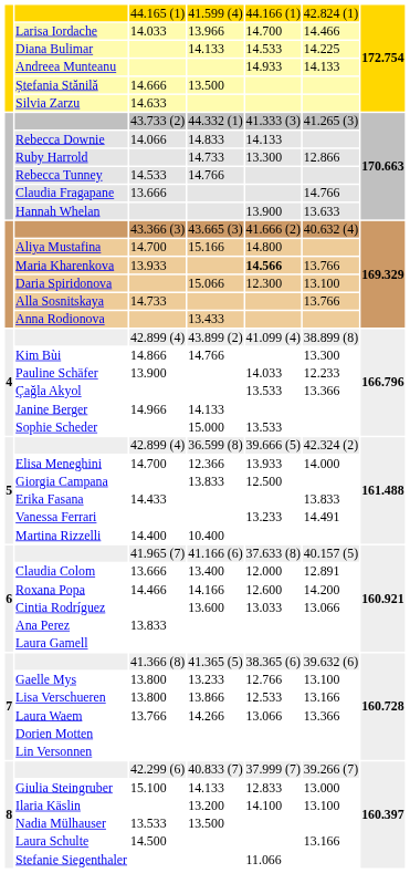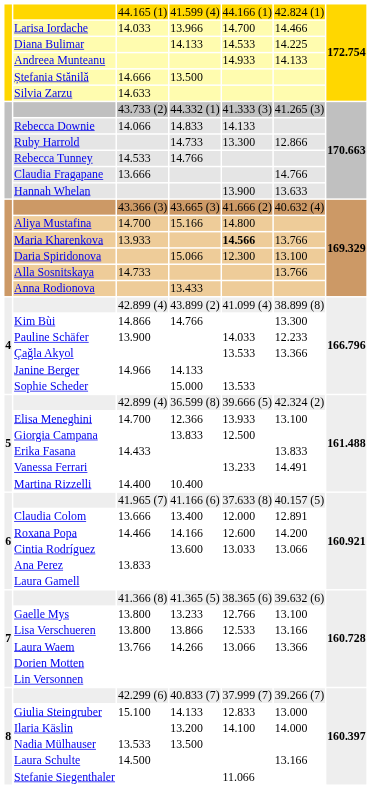 <table>
 <tr bgcolor=gold>
 <td rowspan=6></td>
 <td align="left"><strong></strong></td>
 <td>44.165 (1)</td>
 <td>41.599 (4)</td>
 <td>44.166 (1)</td>
 <td>42.824 (1)</td>
 <td rowspan=6><strong>172.754</strong></td>
 </tr>
 <tr bgcolor=fffcaf>
 <td align="left"><a href='#'>Larisa Iordache</a></td>
 <td>14.033</td>
 <td>13.966</td>
 <td>14.700</td>
 <td>14.466</td>
 </tr>
 <tr bgcolor=fffcaf>
 <td align="left"><a href='#'>Diana Bulimar</a></td>
 <td></td>
 <td>14.133</td>
 <td>14.533</td>
 <td>14.225</td>
 </tr>
 <tr bgcolor=fffcaf>
 <td align="left"><a href='#'>Andreea Munteanu</a></td>
 <td></td>
 <td></td>
 <td>14.933</td>
 <td>14.133</td>
 </tr>
 <tr bgcolor=fffcaf>
 <td align="left"><a href='#'>Ștefania Stănilă</a></td>
 <td>14.666</td>
 <td>13.500</td>
 <td></td>
 <td></td>
 </tr>
 <tr bgcolor=fffcaf>
 <td align="left"><a href='#'>Silvia Zarzu</a></td>
 <td>14.633</td>
 <td></td>
 <td></td>
 <td></td>
 </tr>
 <tr bgcolor=silver>
 <td rowspan=6></td>
 <td align="left"><strong></strong></td>
 <td>43.733 (2)</td>
 <td>44.332 (1)</td>
 <td>41.333 (3)</td>
 <td>41.265 (3)</td>
 <td rowspan=6><strong>170.663</strong></td>
 </tr>
 <tr bgcolor=e5e5e5>
 <td align="left"><a href='#'>Rebecca Downie</a></td>
 <td>14.066</td>
 <td>14.833</td>
 <td>14.133</td>
 <td></td>
 </tr>
 <tr bgcolor=e5e5e5>
 <td align="left"><a href='#'>Ruby Harrold</a></td>
 <td></td>
 <td>14.733</td>
 <td>13.300</td>
 <td>12.866</td>
 </tr>
 <tr bgcolor=e5e5e5>
 <td align="left"><a href='#'>Rebecca Tunney</a></td>
 <td>14.533</td>
 <td>14.766</td>
 <td></td>
 <td></td>
 </tr>
 <tr bgcolor=e5e5e5>
 <td align="left"><a href='#'>Claudia Fragapane</a></td>
 <td>13.666</td>
 <td></td>
 <td></td>
 <td>14.766</td>
 </tr>
 <tr bgcolor=e5e5e5>
 <td align="left"><a href='#'>Hannah Whelan</a></td>
 <td></td>
 <td></td>
 <td>13.900</td>
 <td>13.633</td>
 </tr>
 <tr bgcolor=cc9966>
 <td rowspan=6></td>
 <td align="left"><strong></strong></td>
 <td>43.366 (3)</td>
 <td>43.665 (3)</td>
 <td>41.666 (2)</td>
 <td>40.632 (4)</td>
 <td rowspan=6><strong>169.329</strong></td>
 </tr>
 <tr bgcolor=eecc99>
 <td align="left"><a href='#'>Aliya Mustafina</a></td>
 <td>14.700</td>
 <td>15.166</td>
 <td>14.800</td>
 <td></td>
 </tr>
 <tr bgcolor=eecc99>
 <td align="left"><a href='#'>Maria Kharenkova</a></td>
 <td>13.933</td>
 <td></td>
 <td><strong>14.566</strong></td>
 <td>13.766</td>
 </tr>
 <tr bgcolor=eecc99>
 <td align="left"><a href='#'>Daria Spiridonova</a></td>
 <td></td>
 <td>15.066</td>
 <td>12.300</td>
 <td>13.100</td>
 </tr>
 <tr bgcolor=eecc99>
 <td align="left"><a href='#'>Alla Sosnitskaya</a></td>
 <td>14.733</td>
 <td></td>
 <td></td>
 <td>13.766</td>
 </tr>
 <tr bgcolor=eecc99>
 <td align="left"><a href='#'>Anna Rodionova</a></td>
 <td></td>
 <td>13.433</td>
 <td></td>
 <td></td>
 </tr>
 <tr bgcolor=eeeeee>
 <td rowspan=6><strong>4</strong></td>
 <td align="left"><strong></strong></td>
 <td>42.899 (4)</td>
 <td>43.899 (2)</td>
 <td>41.099 (4)</td>
 <td>38.899 (8)</td>
 <td rowspan=6><strong>166.796</strong></td>
 </tr>
 <tr>
 <td align="left"><a href='#'>Kim Bùi</a></td>
 <td>14.866</td>
 <td>14.766</td>
 <td></td>
 <td>13.300</td>
 </tr>
 <tr>
 <td align="left"><a href='#'>Pauline Schäfer</a></td>
 <td>13.900</td>
 <td></td>
 <td>14.033</td>
 <td>12.233</td>
 </tr>
 <tr>
 <td align="left"><a href='#'>Çağla Akyol</a></td>
 <td></td>
 <td></td>
 <td>13.533</td>
 <td>13.366</td>
 </tr>
 <tr>
 <td align="left"><a href='#'>Janine Berger</a></td>
 <td>14.966</td>
 <td>14.133</td>
 <td></td>
 <td></td>
 </tr>
 <tr>
 <td align="left"><a href='#'>Sophie Scheder</a></td>
 <td></td>
 <td>15.000</td>
 <td>13.533</td>
 <td></td>
 </tr>
 <tr bgcolor=eeeeee>
 <td rowspan=6><strong>5</strong></td>
 <td align="left"><strong></strong></td>
 <td>42.899 (4)</td>
 <td>36.599 (8)</td>
 <td>39.666 (5)</td>
 <td>42.324 (2)</td>
 <td rowspan=6><strong>161.488</strong></td>
 </tr>
 <tr>
 <td align="left"><a href='#'>Elisa Meneghini</a></td>
 <td>14.700</td>
 <td>12.366</td>
 <td>13.933</td>
-<td>14.000</td>
+<td>13.100</td>
 </tr>
 <tr>
 <td align="left"><a href='#'>Giorgia Campana</a></td>
 <td></td>
 <td>13.833</td>
 <td>12.500</td>
 <td></td>
 </tr>
 <tr>
 <td align="left"><a href='#'>Erika Fasana</a></td>
 <td>14.433</td>
 <td></td>
 <td></td>
 <td>13.833</td>
 </tr>
 <tr>
 <td align="left"><a href='#'>Vanessa Ferrari</a></td>
 <td></td>
 <td></td>
 <td>13.233</td>
 <td>14.491</td>
 </tr>
 <tr>
 <td align="left"><a href='#'>Martina Rizzelli</a></td>
 <td>14.400</td>
 <td>10.400</td>
 <td></td>
 <td></td>
 </tr>
 <tr bgcolor=eeeeee>
 <td rowspan=6><strong>6</strong></td>
 <td align="left"><strong></strong></td>
 <td>41.965 (7)</td>
 <td>41.166 (6)</td>
 <td>37.633 (8)</td>
 <td>40.157 (5)</td>
 <td rowspan=6><strong>160.921</strong></td>
 </tr>
 <tr>
 <td align="left"><a href='#'>Claudia Colom</a></td>
 <td>13.666</td>
 <td>13.400</td>
 <td>12.000</td>
 <td>12.891</td>
 </tr>
 <tr>
 <td align="left"><a href='#'>Roxana Popa</a></td>
 <td>14.466</td>
 <td>14.166</td>
 <td>12.600</td>
 <td>14.200</td>
 </tr>
 <tr>
 <td align="left"><a href='#'>Cintia Rodríguez</a></td>
 <td></td>
 <td>13.600</td>
 <td>13.033</td>
 <td>13.066</td>
 </tr>
 <tr>
 <td align="left"><a href='#'>Ana Perez</a></td>
 <td>13.833</td>
 <td></td>
 <td></td>
 <td></td>
 </tr>
 <tr>
 <td align="left"><a href='#'>Laura Gamell</a></td>
 <td></td>
 <td></td>
 <td></td>
 <td></td>
 </tr>
 <tr bgcolor=eeeeee>
 <td rowspan=6><strong>7</strong></td>
 <td align="left"><strong></strong></td>
 <td>41.366 (8)</td>
 <td>41.365 (5)</td>
 <td>38.365 (6)</td>
 <td>39.632 (6)</td>
 <td rowspan=6><strong>160.728</strong></td>
 </tr>
 <tr>
 <td align="left"><a href='#'>Gaelle Mys</a></td>
 <td>13.800</td>
 <td>13.233</td>
 <td>12.766</td>
 <td>13.100</td>
 </tr>
 <tr>
 <td align="left"><a href='#'>Lisa Verschueren</a></td>
 <td>13.800</td>
 <td>13.866</td>
 <td>12.533</td>
 <td>13.166</td>
 </tr>
 <tr>
 <td align="left"><a href='#'>Laura Waem</a></td>
 <td>13.766</td>
 <td>14.266</td>
 <td>13.066</td>
 <td>13.366</td>
 </tr>
 <tr>
 <td align="left"><a href='#'>Dorien Motten</a></td>
 <td></td>
 <td></td>
 <td></td>
 <td></td>
 </tr>
 <tr>
 <td align="left"><a href='#'>Lin Versonnen</a></td>
 <td></td>
 <td></td>
 <td></td>
 <td></td>
 </tr>
 <tr bgcolor=eeeeee>
 <td rowspan=6><strong>8</strong></td>
 <td align="left"><strong></strong></td>
 <td>42.299 (6)</td>
 <td>40.833 (7)</td>
 <td>37.999 (7)</td>
 <td>39.266 (7)</td>
 <td rowspan=6><strong>160.397</strong></td>
 </tr>
 <tr>
 <td align="left"><a href='#'>Giulia Steingruber</a></td>
 <td>15.100</td>
 <td>14.133</td>
 <td>12.833</td>
 <td>13.000</td>
 </tr>
 <tr>
 <td align="left"><a href='#'>Ilaria Käslin</a></td>
 <td></td>
 <td>13.200</td>
 <td>14.100</td>
-<td>13.100</td>
+<td>14.000</td>
 </tr>
 <tr>
 <td align="left"><a href='#'>Nadia Mülhauser</a></td>
 <td>13.533</td>
 <td>13.500</td>
 <td></td>
 <td></td>
 </tr>
 <tr>
 <td align="left"><a href='#'>Laura Schulte</a></td>
 <td>14.500</td>
 <td></td>
 <td></td>
 <td>13.166</td>
 </tr>
 <tr>
 <td align="left"><a href='#'>Stefanie Siegenthaler</a></td>
 <td></td>
 <td></td>
 <td>11.066</td>
 <td></td>
 </tr>
 </table>
